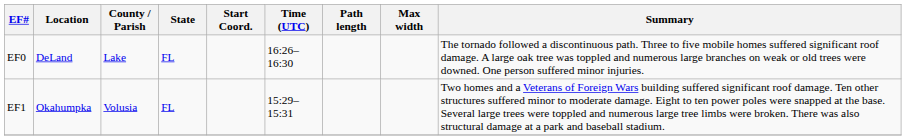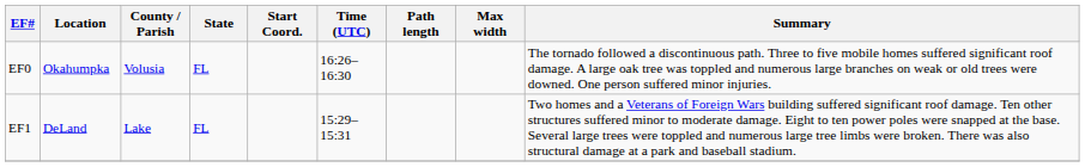 <table class="wikitable sortable" style="width:100%;">
 <tr>
 <th scope="col"  style="width:3%; text-align:center;"><a href='#'>EF#</a></th>
 <th scope="col"  style="width:7%; text-align:center;" class="unsortable">Location</th>
 <th scope="col"  style="width:6%; text-align:center;" class="unsortable">County / Parish</th>
 <th scope="col"  style="width:5%; text-align:center;">State</th>
 <th scope="col"  style="width:6%; text-align:center;">Start Coord.</th>
 <th scope="col"  style="width:6%; text-align:center;">Time (<a href='#'>UTC</a>)</th>
 <th scope="col"  style="width:6%; text-align:center;">Path length</th>
 <th scope="col"  style="width:6%; text-align:center;">Max width</th>
 <th scope="col" class="unsortable" style="width:48%; text-align:center;">Summary</th>
 </tr>
 <tr>
 <td>EF0</td>
-<td><a href='#'>DeLand</a></td>
-<td><a href='#'>Lake</a></td>
+<td><a href='#'>Okahumpka</a></td>
+<td><a href='#'>Volusia</a></td>
 <td><a href='#'>FL</a></td>
 <td></td>
 <td>16:26–16:30</td>
 <td></td>
 <td></td>
 <td>The tornado followed a discontinuous path. Three to five mobile homes suffered significant roof damage. A large oak tree was toppled and numerous large branches on weak or old trees were downed. One person suffered minor injuries.</td>
 </tr>
 <tr>
 <td>EF1</td>
-<td><a href='#'>Okahumpka</a></td>
-<td><a href='#'>Volusia</a></td>
+<td><a href='#'>DeLand</a></td>
+<td><a href='#'>Lake</a></td>
 <td><a href='#'>FL</a></td>
 <td></td>
 <td>15:29–15:31</td>
 <td></td>
 <td></td>
 <td>Two homes and a <a href='#'>Veterans of Foreign Wars</a> building suffered significant roof damage. Ten other structures suffered minor to moderate damage. Eight to ten power poles were snapped at the base. Several large trees were toppled and numerous large tree limbs were broken. There was also structural damage at a park and baseball stadium.</td>
 </tr>
 <tr>
 </tr>
 </table>
